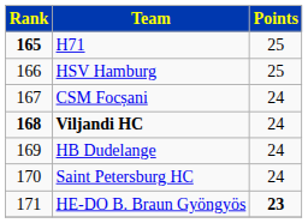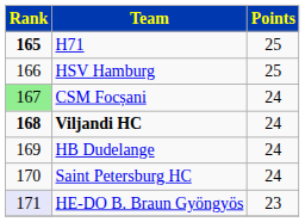 <table class="wikitable" style="text-align: center">
 <tr>
 <th style="color:yellow; background:#0038AF">Rank</th>
 <th style="color:yellow; background:#0038AF">Team</th>
 <th style="color:yellow; background:#0038AF">Points</th>
 </tr>
 <tr>
 <td><strong>165</strong></td>
 <td align=left> <a href='#'>H71</a></td>
 <td>25</td>
 </tr>
 <tr>
 <td>166</td>
 <td align=left> <a href='#'>HSV Hamburg</a></td>
 <td>25</td>
 </tr>
 <tr>
-<td>167</td>
+<td style="background: lightgreen;">167</td>
 <td align=left> <a href='#'>CSM Focșani</a></td>
 <td>24</td>
 </tr>
 <tr>
 <td><strong>168</strong></td>
 <td align=left> <strong>Viljandi HC</strong></td>
 <td>24</td>
 </tr>
 <tr>
 <td>169</td>
 <td align=left> <a href='#'>HB Dudelange</a></td>
 <td>24</td>
 </tr>
 <tr>
 <td>170</td>
 <td align=left> <a href='#'>Saint Petersburg HC</a></td>
 <td>24</td>
 </tr>
 <tr>
-<td>171</td>
+<td style="background: lavender;">171</td>
 <td align=left> <a href='#'>HE-DO B. Braun Gyöngyös</a></td>
-<td><strong>23</strong></td>
+<td>23</td>
 </tr>
 <tr>
 </tr>
 </table>
